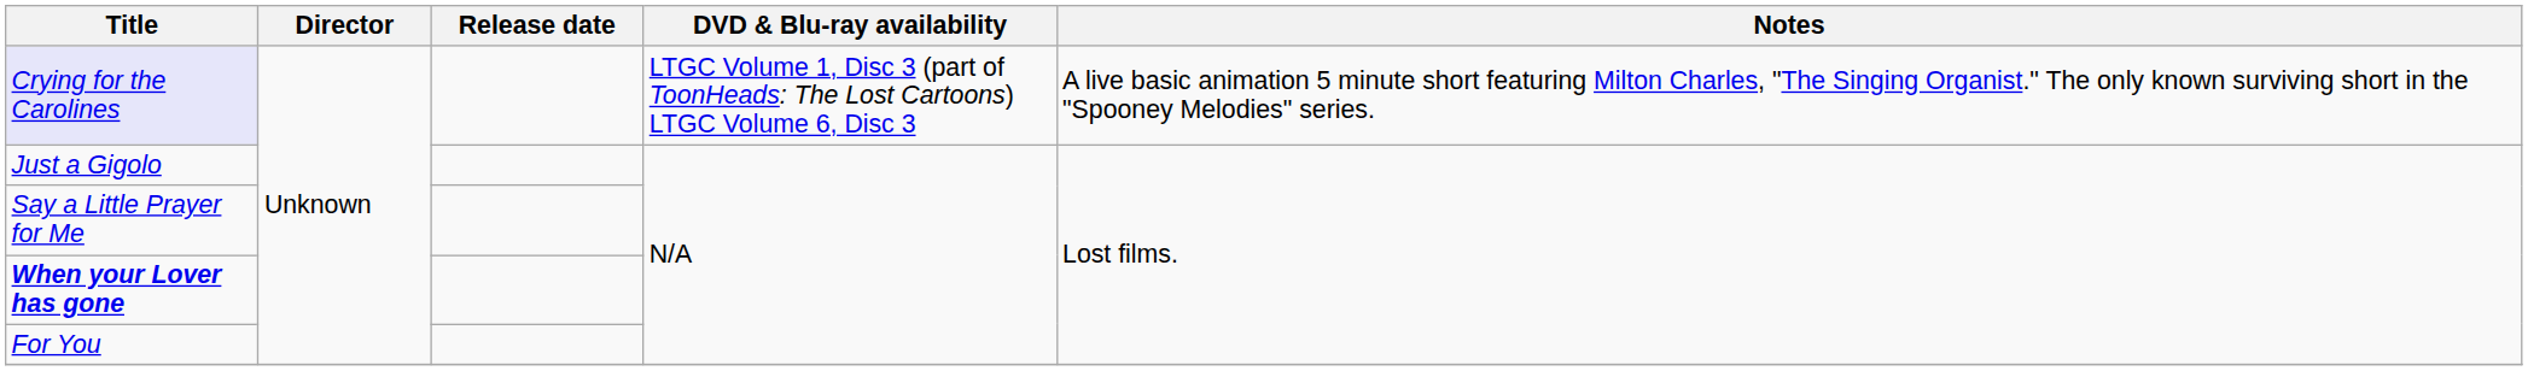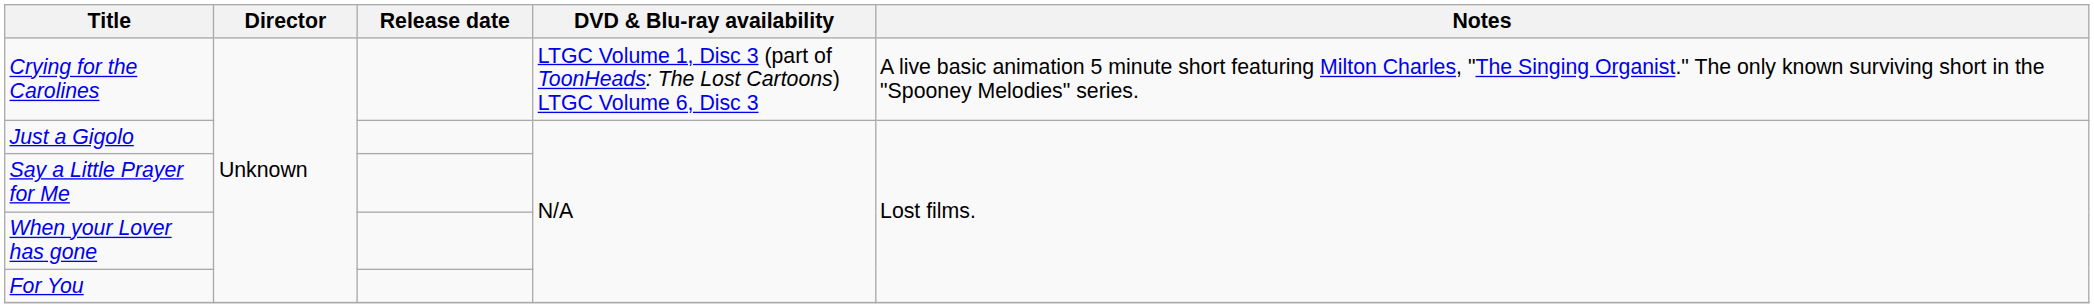 <table class="wikitable sortable">
 <tr>
 <th scope="col" style="width: 150px;">Title</th>
 <th scope="col" style="width: 100px;">Director</th>
 <th scope="col" style="width: 125px;">Release date</th>
 <th scope="col" style="width: 250px;">DVD & Blu-ray availability</th>
 <th>Notes</th>
 </tr>
 <tr>
-<td style="background: lavender;"><em><a href='#'>Crying for the Carolines</a></em></td>
+<td><em><a href='#'>Crying for the Carolines</a></em></td>
 <td rowspan="5">Unknown</td>
 <td></td>
 <td><a href='#'>LTGC Volume 1, Disc 3</a> (part of <em><a href='#'>ToonHeads</a>: The Lost Cartoons</em>)<br><a href='#'>LTGC Volume 6, Disc 3</a></td>
 <td>A live basic animation 5 minute short featuring <a href='#'>Milton Charles</a>, "<a href='#'>The Singing Organist</a>." The only known surviving short in the "Spooney Melodies" series.</td>
 </tr>
 <tr>
 <td><em><a href='#'>Just a Gigolo</a></em></td>
 <td></td>
 <td rowspan="4">N/A</td>
 <td rowspan="4">Lost films.</td>
 </tr>
 <tr>
 <td><em><a href='#'>Say a Little Prayer for Me</a></em></td>
 <td></td>
 </tr>
 <tr>
-<td><strong><em><a href='#'>When your Lover has gone</a></em></strong></td>
+<td><em><a href='#'>When your Lover has gone</a></em></td>
 <td></td>
 </tr>
 <tr>
 <td><em><a href='#'>For You</a></em></td>
 <td></td>
 </tr>
 <tr>
 </tr>
 </table>
